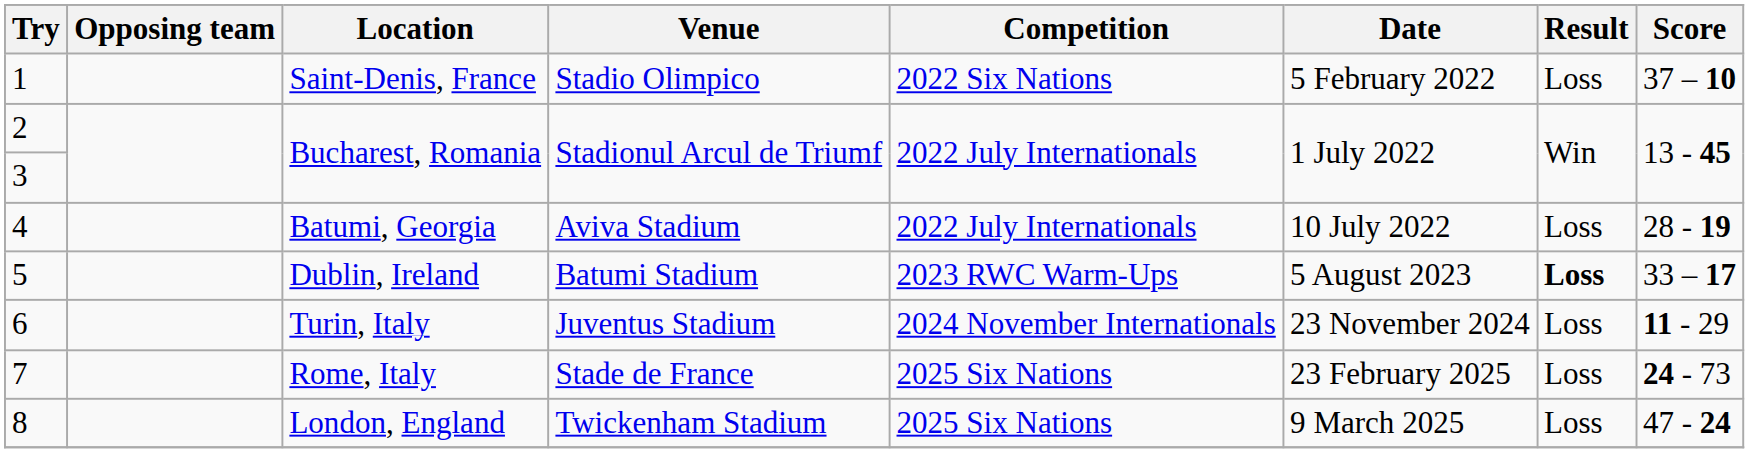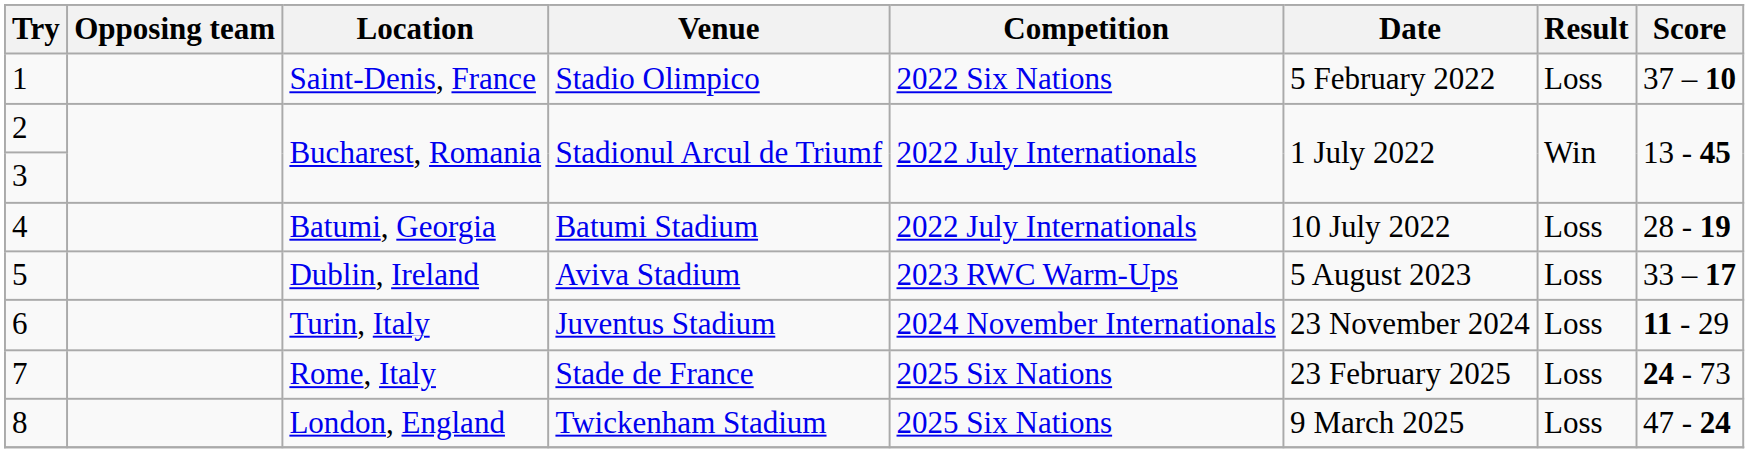 <table class="wikitable" style="font-size:100%">
 <tr>
 <th>Try</th>
 <th>Opposing team</th>
 <th>Location</th>
 <th>Venue</th>
 <th>Competition</th>
 <th>Date</th>
 <th>Result</th>
 <th>Score</th>
 </tr>
 <tr>
 <td>1</td>
 <td></td>
 <td><a href='#'>Saint-Denis</a>, <a href='#'>France</a></td>
 <td><a href='#'>Stadio Olimpico</a></td>
 <td><a href='#'>2022 Six Nations</a></td>
 <td>5 February 2022</td>
 <td>Loss</td>
 <td>37 – <strong>10</strong></td>
 </tr>
 <tr>
 <td>2</td>
 <td rowspan=2></td>
 <td rowspan=2><a href='#'>Bucharest</a>, <a href='#'>Romania</a></td>
 <td rowspan=2><a href='#'>Stadionul Arcul de Triumf</a></td>
 <td rowspan=2><a href='#'>2022 July Internationals</a></td>
 <td rowspan=2>1 July 2022</td>
 <td rowspan=2>Win</td>
 <td rowspan=2>13 - <strong>45</strong></td>
 </tr>
 <tr>
 <td>3</td>
 </tr>
 <tr>
 <td>4</td>
 <td></td>
 <td><a href='#'>Batumi</a>, <a href='#'>Georgia</a></td>
-<td><a href='#'>Aviva Stadium</a></td>
+<td><a href='#'>Batumi Stadium</a></td>
 <td><a href='#'>2022 July Internationals</a></td>
 <td>10 July 2022</td>
 <td>Loss</td>
 <td>28 - <strong>19</strong></td>
 </tr>
 <tr>
 <td>5</td>
 <td></td>
 <td><a href='#'>Dublin</a>, <a href='#'>Ireland</a></td>
-<td><a href='#'>Batumi Stadium</a></td>
+<td><a href='#'>Aviva Stadium</a></td>
 <td><a href='#'>2023 RWC Warm-Ups</a></td>
 <td>5 August 2023</td>
-<td><strong>Loss</strong></td>
+<td>Loss</td>
 <td>33 – <strong>17</strong></td>
 </tr>
 <tr>
 <td>6</td>
 <td></td>
 <td><a href='#'>Turin</a>, <a href='#'>Italy</a></td>
 <td><a href='#'>Juventus Stadium</a></td>
 <td><a href='#'>2024 November Internationals</a></td>
 <td>23 November 2024</td>
 <td>Loss</td>
 <td><strong>11</strong> - 29</td>
 </tr>
 <tr>
 <td>7</td>
 <td></td>
 <td><a href='#'>Rome</a>, <a href='#'>Italy</a></td>
 <td><a href='#'>Stade de France</a></td>
 <td><a href='#'>2025 Six Nations</a></td>
 <td>23 February 2025</td>
 <td>Loss</td>
 <td><strong>24</strong> - 73</td>
 </tr>
 <tr>
 <td>8</td>
 <td></td>
 <td><a href='#'>London</a>, <a href='#'>England</a></td>
 <td><a href='#'>Twickenham Stadium</a></td>
 <td><a href='#'>2025 Six Nations</a></td>
 <td>9 March 2025</td>
 <td>Loss</td>
 <td>47 - <strong>24</strong></td>
 </tr>
 <tr>
 </tr>
 </table>
